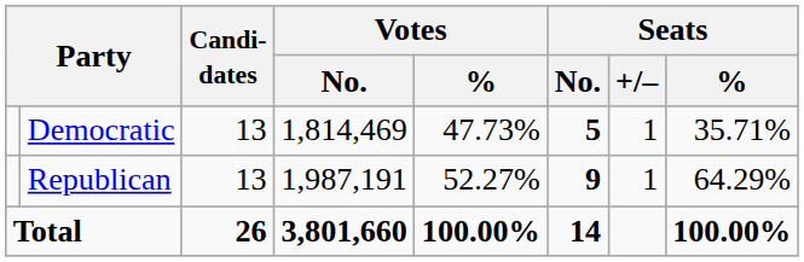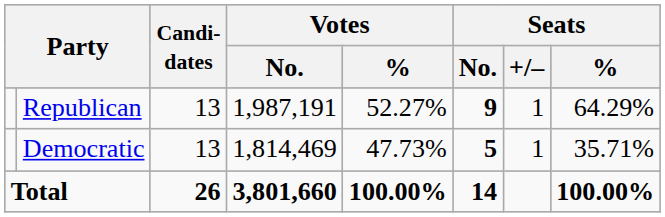 <table class="wikitable" style="font-size:100%; text-align:right;">
 <tr>
 <th colspan=2 rowspan=2>Party</th>
 <th rowspan=2><small>Candi-<br>dates</small></th>
 <th colspan=2>Votes</th>
 <th colspan=3>Seats</th>
 </tr>
 <tr>
 <th>No.</th>
 <th>%</th>
 <th>No.</th>
 <th>+/–</th>
 <th>%</th>
 </tr>
 <tr>
 <td style="background:"></td>
+<td align=left><a href='#'>Republican</a></td>
+<td>13</td>
+<td>1,987,191</td>
+<td>52.27%</td>
+<td><strong>9</strong></td>
+<td>1</td>
+<td>64.29%</td>
+</tr>
+<tr>
+<td style="background:"></td>
 <td align=left><a href='#'>Democratic</a></td>
 <td>13</td>
 <td>1,814,469</td>
 <td>47.73%</td>
 <td><strong>5</strong></td>
 <td>1</td>
 <td>35.71%</td>
-</tr>
-<tr>
-<td style="background:"></td>
-<td align=left><a href='#'>Republican</a></td>
-<td>13</td>
-<td>1,987,191</td>
-<td>52.27%</td>
-<td><strong>9</strong></td>
-<td>1</td>
-<td>64.29%</td>
 </tr>
 <tr style="font-weight:bold">
 <td colspan=2 align=left>Total</td>
 <td>26</td>
 <td>3,801,660</td>
 <td>100.00%</td>
 <td>14</td>
 <td></td>
 <td>100.00%</td>
 </tr>
 </table>
